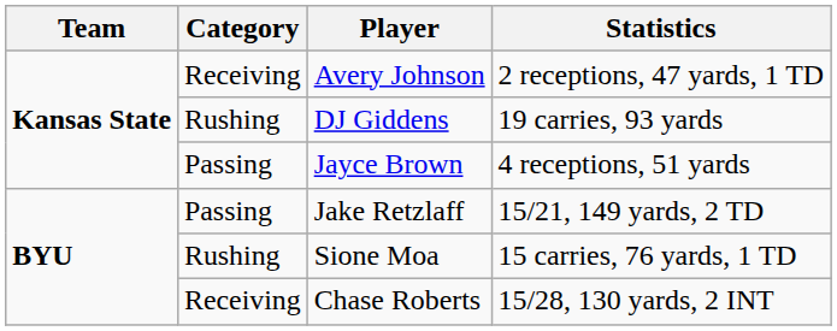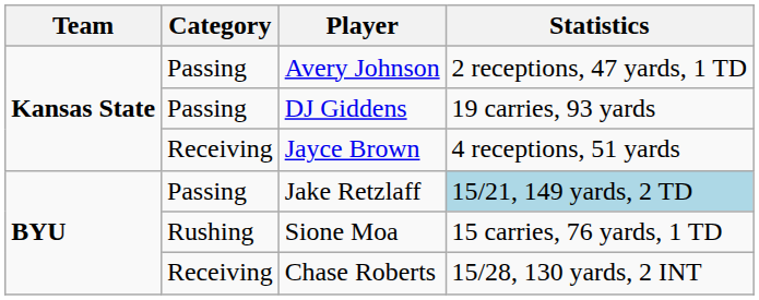 <table class="wikitable floatcenter">
 <tr>
 <th>Team</th>
 <th>Category</th>
 <th>Player</th>
 <th>Statistics</th>
 </tr>
 <tr>
 <td rowspan=3><strong>Kansas State</strong></td>
-<td>Receiving</td>
+<td>Passing</td>
 <td><a href='#'>Avery Johnson</a></td>
 <td>2 receptions, 47 yards, 1 TD</td>
 </tr>
 <tr>
-<td>Rushing</td>
+<td>Passing</td>
 <td><a href='#'>DJ Giddens</a></td>
 <td>19 carries, 93 yards</td>
 </tr>
 <tr>
-<td>Passing</td>
+<td>Receiving</td>
 <td><a href='#'>Jayce Brown</a></td>
 <td>4 receptions, 51 yards</td>
 </tr>
 <tr>
 <td rowspan=3><strong>BYU</strong></td>
 <td>Passing</td>
 <td>Jake Retzlaff</td>
-<td>15/21, 149 yards, 2 TD</td>
+<td style="background: lightblue;">15/21, 149 yards, 2 TD</td>
 </tr>
 <tr>
 <td>Rushing</td>
 <td>Sione Moa</td>
 <td>15 carries, 76 yards, 1 TD</td>
 </tr>
 <tr>
 <td>Receiving</td>
 <td>Chase Roberts</td>
 <td>15/28, 130 yards, 2 INT</td>
 </tr>
 </table>
